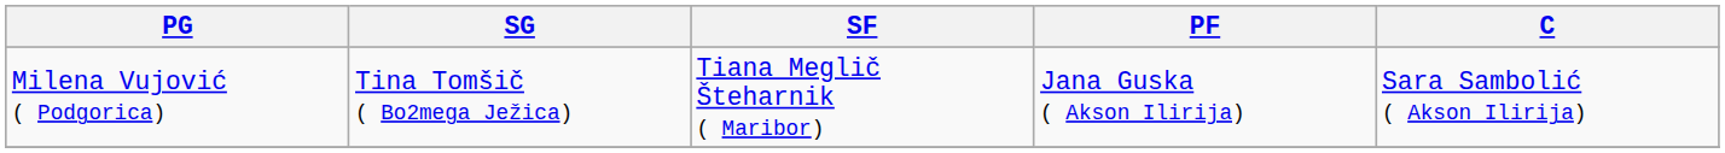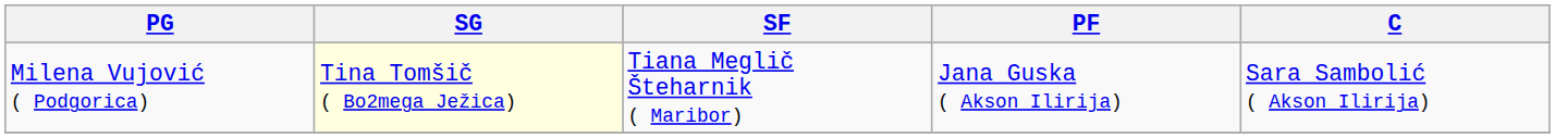 <table class="wikitable sortable" style="text-align: center;">
 <tr>
 <th style="width:175px;"><a href='#'>PG</a></th>
 <th style="width:175px;"><a href='#'>SG</a></th>
 <th style="width:175px;"><a href='#'>SF</a></th>
 <th style="width:175px;"><a href='#'>PF</a></th>
 <th style="width:175px;"><a href='#'>C</a></th>
 </tr>
 <tr>
 <td style="text-align:left;"> <a href='#'>Milena Vujović</a> <br><small>( <a href='#'>Podgorica</a>)</small></td>
-<td style="text-align:left;"> <a href='#'>Tina Tomšič</a> <br><small>( <a href='#'>Bo2mega Ježica</a>)</small></td>
+<td style="background: lightyellow; text-align:left;"> <a href='#'>Tina Tomšič</a> <br><small>( <a href='#'>Bo2mega Ježica</a>)</small></td>
 <td style="text-align:left;"> <a href='#'>Tiana Meglič Šteharnik</a> <br><small>( <a href='#'>Maribor</a>)</small></td>
 <td style="text-align:left;"> <a href='#'>Jana Guska</a> <br><small>( <a href='#'>Akson Ilirija</a>)</small></td>
 <td style="text-align:left;"> <a href='#'>Sara Sambolić</a> <br><small>( <a href='#'>Akson Ilirija</a>)</small></td>
 </tr>
 <tr>
 </tr>
 </table>
